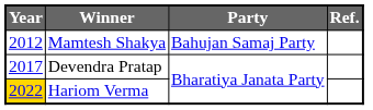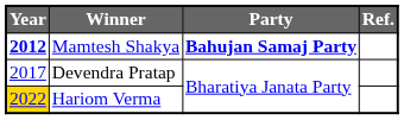 <table class="sortable" cellpadding="2" cellspacing="0" border="1" style="border-collapse: collapse; border: 2px #000000 solid; font-size: x-big; font-family: verdana">
 <tr>
 <th style="background-color:#666666; color:white">Year</th>
 <th style="background-color:#666666; color:white">Winner</th>
 <th style="background-color:#666666; color:white">Party</th>
 <th style="background-color:#666666; color:white">Ref.</th>
 </tr>
 <tr>
-<td><a href='#'>2012</a></td>
+<td><strong><a href='#'>2012</a></strong></td>
 <td><a href='#'>Mamtesh Shakya</a></td>
-<td><a href='#'>Bahujan Samaj Party</a></td>
+<td><strong><a href='#'>Bahujan Samaj Party</a></strong></td>
 <td></td>
 </tr>
 <tr>
 <td><a href='#'>2017</a></td>
 <td>Devendra Pratap</td>
 <td rowspan="2"><a href='#'>Bharatiya Janata Party</a></td>
 <td></td>
 </tr>
 <tr>
 <td style="background: gold;"><a href='#'>2022</a></td>
 <td><a href='#'>Hariom Verma</a></td>
 <td></td>
 </tr>
 </table>
